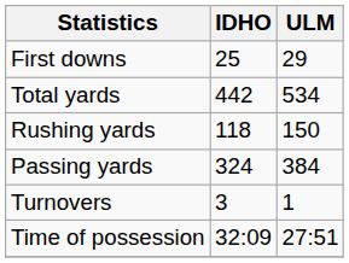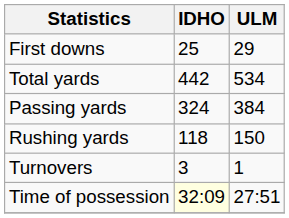 <table class="wikitable">
 <tr>
 <th>Statistics</th>
 <th>IDHO</th>
 <th>ULM</th>
 </tr>
 <tr>
 <td>First downs</td>
 <td>25</td>
 <td>29</td>
 </tr>
 <tr>
 <td>Total yards</td>
 <td>442</td>
 <td>534</td>
 </tr>
 <tr>
+<td>Passing yards</td>
+<td>324</td>
+<td>384</td>
+</tr>
+<tr>
 <td>Rushing yards</td>
 <td>118</td>
 <td>150</td>
-</tr>
-<tr>
-<td>Passing yards</td>
-<td>324</td>
-<td>384</td>
 </tr>
 <tr>
 <td>Turnovers</td>
 <td>3</td>
 <td>1</td>
 </tr>
 <tr>
 <td>Time of possession</td>
-<td>32:09</td>
+<td style="background: lightyellow;">32:09</td>
 <td>27:51</td>
 </tr>
 <tr>
 </tr>
 </table>
